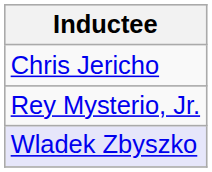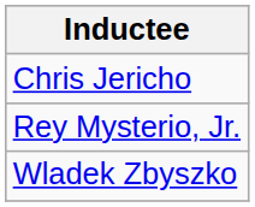 <table class="wikitable">
 <tr>
 <th>Inductee</th>
 </tr>
 <tr>
 <td><a href='#'>Chris Jericho</a></td>
 </tr>
 <tr>
 <td><a href='#'>Rey Mysterio, Jr.</a></td>
 </tr>
 <tr>
-<td style="background: lavender;"><a href='#'>Wladek Zbyszko</a></td>
+<td><a href='#'>Wladek Zbyszko</a></td>
 </tr>
 </table>
